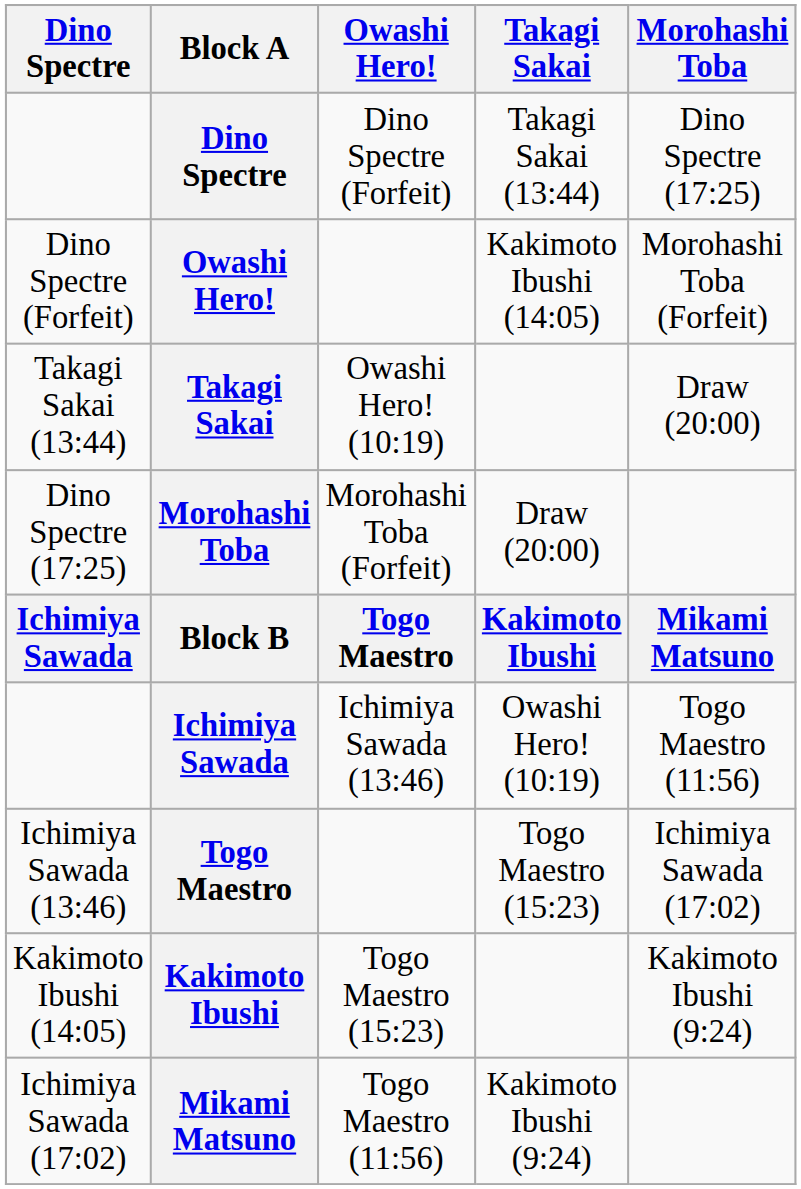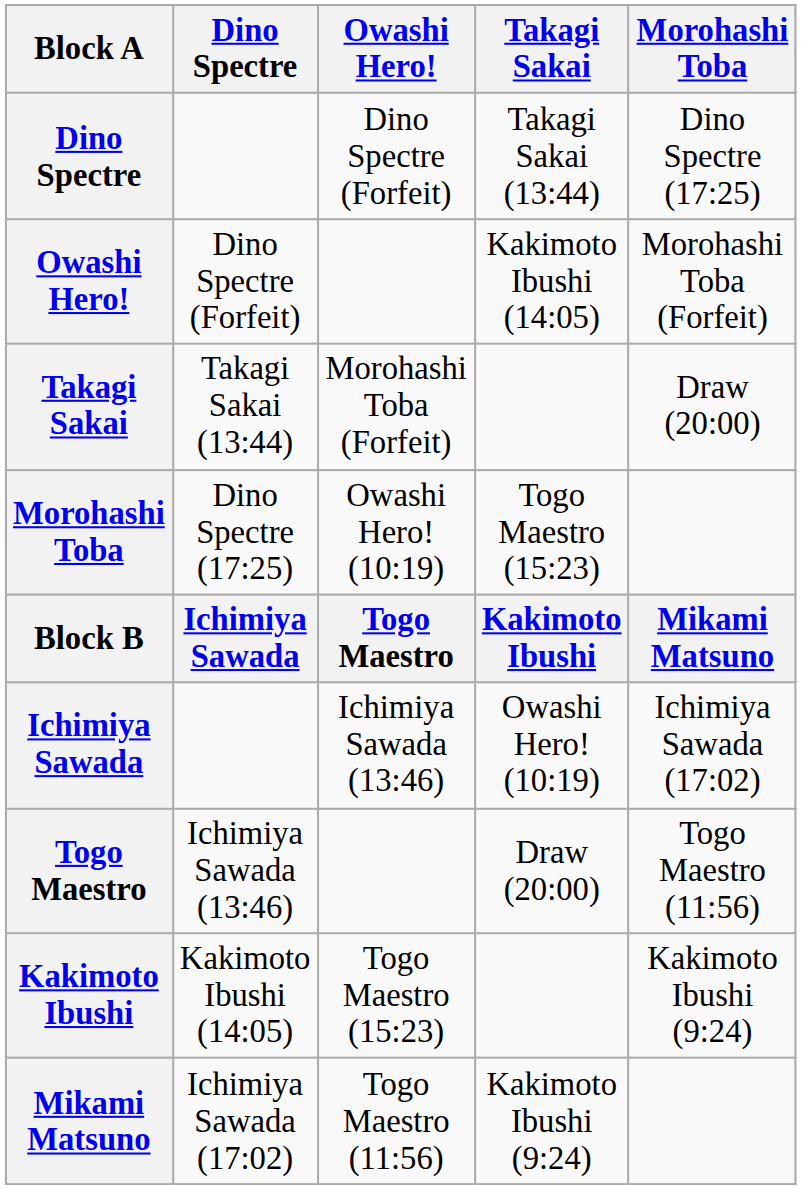 <table class="wikitable" style="margin: 1em auto 1em auto">
 <tr>
+<th>Block A</th>
 <th><a href='#'>Dino</a><br>Spectre</th>
-<th>Block A</th>
 <th><a href='#'>Owashi</a><br><a href='#'>Hero!</a></th>
 <th><a href='#'>Takagi</a><br><a href='#'>Sakai</a></th>
 <th><a href='#'>Morohashi</a><br><a href='#'>Toba</a></th>
 </tr>
 <tr align="center">
+<th><a href='#'>Dino</a><br>Spectre</th>
 <td></td>
-<th><a href='#'>Dino</a><br>Spectre</th>
 <td>Dino<br>Spectre<br>(Forfeit)</td>
 <td>Takagi<br>Sakai<br>(13:44)</td>
 <td>Dino<br>Spectre<br>(17:25)</td>
 </tr>
 <tr align="center">
+<th><a href='#'>Owashi</a><br><a href='#'>Hero!</a></th>
 <td>Dino<br>Spectre<br>(Forfeit)</td>
-<th><a href='#'>Owashi</a><br><a href='#'>Hero!</a></th>
 <td></td>
 <td>Kakimoto<br>Ibushi<br>(14:05)</td>
 <td>Morohashi<br>Toba<br>(Forfeit)</td>
 </tr>
 <tr align="center">
+<th><a href='#'>Takagi</a><br><a href='#'>Sakai</a></th>
 <td>Takagi<br>Sakai<br>(13:44)</td>
-<th><a href='#'>Takagi</a><br><a href='#'>Sakai</a></th>
-<td>Owashi<br>Hero!<br>(10:19)</td>
+<td>Morohashi<br>Toba<br>(Forfeit)</td>
 <td></td>
 <td>Draw<br>(20:00)</td>
 </tr>
 <tr align="center">
+<th><a href='#'>Morohashi</a><br><a href='#'>Toba</a></th>
 <td>Dino<br>Spectre<br>(17:25)</td>
-<th><a href='#'>Morohashi</a><br><a href='#'>Toba</a></th>
-<td>Morohashi<br>Toba<br>(Forfeit)</td>
-<td>Draw<br>(20:00)</td>
+<td>Owashi<br>Hero!<br>(10:19)</td>
+<td>Togo<br>Maestro<br>(15:23)</td>
 <td></td>
 </tr>
 <tr align="center">
+<th>Block B</th>
 <th><a href='#'>Ichimiya</a><br><a href='#'>Sawada</a></th>
-<th>Block B</th>
 <th><a href='#'>Togo</a><br>Maestro</th>
 <th><a href='#'>Kakimoto</a><br><a href='#'>Ibushi</a></th>
 <th><a href='#'>Mikami</a><br><a href='#'>Matsuno</a></th>
 </tr>
 <tr align="center">
+<th><a href='#'>Ichimiya</a><br><a href='#'>Sawada</a></th>
 <td></td>
-<th><a href='#'>Ichimiya</a><br><a href='#'>Sawada</a></th>
 <td>Ichimiya<br>Sawada<br>(13:46)</td>
 <td>Owashi<br>Hero!<br>(10:19)</td>
+<td>Ichimiya<br>Sawada<br>(17:02)</td>
+</tr>
+<tr align="center">
+<th><a href='#'>Togo</a><br>Maestro</th>
+<td>Ichimiya<br>Sawada<br>(13:46)</td>
+<td></td>
+<td>Draw<br>(20:00)</td>
 <td>Togo<br>Maestro<br>(11:56)</td>
 </tr>
 <tr align="center">
-<td>Ichimiya<br>Sawada<br>(13:46)</td>
-<th><a href='#'>Togo</a><br>Maestro</th>
-<td></td>
-<td>Togo<br>Maestro<br>(15:23)</td>
-<td>Ichimiya<br>Sawada<br>(17:02)</td>
-</tr>
-<tr align="center">
+<th><a href='#'>Kakimoto</a><br><a href='#'>Ibushi</a></th>
 <td>Kakimoto<br>Ibushi<br>(14:05)</td>
-<th><a href='#'>Kakimoto</a><br><a href='#'>Ibushi</a></th>
 <td>Togo<br>Maestro<br>(15:23)</td>
 <td></td>
 <td>Kakimoto<br>Ibushi<br>(9:24)</td>
 </tr>
 <tr align="center">
+<th><a href='#'>Mikami</a><br><a href='#'>Matsuno</a></th>
 <td>Ichimiya<br>Sawada<br>(17:02)</td>
-<th><a href='#'>Mikami</a><br><a href='#'>Matsuno</a></th>
 <td>Togo<br>Maestro<br>(11:56)</td>
 <td>Kakimoto<br>Ibushi<br>(9:24)</td>
 <td></td>
 </tr>
 </table>
